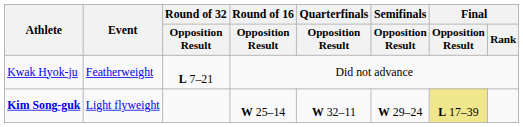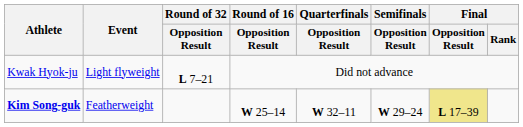 <table class="wikitable" style="font-size:90%">
 <tr>
 <th rowspan="2">Athlete</th>
 <th rowspan="2">Event</th>
 <th>Round of 32</th>
 <th>Round of 16</th>
 <th>Quarterfinals</th>
 <th>Semifinals</th>
 <th colspan=2>Final</th>
 </tr>
 <tr style="font-size:95%">
 <th>Opposition<br>Result</th>
 <th>Opposition<br>Result</th>
 <th>Opposition<br>Result</th>
 <th>Opposition<br>Result</th>
 <th>Opposition<br>Result</th>
 <th>Rank</th>
 </tr>
 <tr align=center>
 <td align=left><a href='#'>Kwak Hyok-ju</a></td>
-<td align=left><a href='#'>Featherweight</a></td>
+<td align=left><a href='#'>Light flyweight</a></td>
 <td><br><strong>L</strong> 7–21</td>
 <td colspan=5>Did not advance</td>
 </tr>
 <tr align=center>
 <td align=left><strong><a href='#'>Kim Song-guk</a></strong></td>
-<td align=left><a href='#'>Light flyweight</a></td>
+<td align=left><a href='#'>Featherweight</a></td>
 <td></td>
 <td><br><strong>W</strong> 25–14</td>
 <td><br><strong>W</strong> 32–11</td>
 <td><br><strong>W</strong> 29–24</td>
 <td style="background: khaki;"><br><strong>L</strong> 17–39</td>
 <td></td>
 </tr>
 </table>
